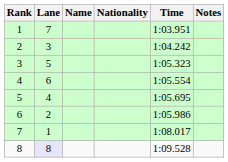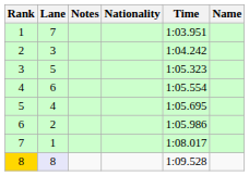 <table class="wikitable sortable" style="text-align:center">
 <tr>
 <th>Rank</th>
 <th>Lane</th>
-<th>Name</th>
+<th>Notes</th>
 <th>Nationality</th>
 <th>Time</th>
-<th>Notes</th>
+<th>Name</th>
 </tr>
 <tr bgcolor=ccffcc>
 <td>1</td>
 <td>7</td>
-<td align=left></td>
+<td><strong></strong></td>
 <td align=left></td>
 <td>1:03.951</td>
-<td><strong></strong></td>
+<td align=left></td>
 </tr>
 <tr bgcolor=ccffcc>
 <td>2</td>
 <td>3</td>
-<td align=left></td>
+<td><strong></strong></td>
 <td align=left></td>
 <td>1:04.242</td>
-<td><strong></strong></td>
+<td align=left></td>
 </tr>
 <tr bgcolor=ccffcc>
 <td>3</td>
 <td>5</td>
-<td align=left></td>
+<td><strong></strong></td>
 <td align=left></td>
 <td>1:05.323</td>
-<td><strong></strong></td>
+<td align=left></td>
 </tr>
 <tr bgcolor=ccffcc>
 <td>4</td>
 <td>6</td>
-<td align=left></td>
+<td><strong></strong></td>
 <td align=left></td>
 <td>1:05.554</td>
-<td><strong></strong></td>
+<td align=left></td>
 </tr>
 <tr bgcolor=ccffcc>
 <td>5</td>
 <td>4</td>
-<td align=left></td>
+<td><strong></strong></td>
 <td align=left></td>
 <td>1:05.695</td>
-<td><strong></strong></td>
+<td align=left></td>
 </tr>
 <tr bgcolor=ccffcc>
 <td>6</td>
 <td>2</td>
-<td align=left></td>
+<td><strong></strong></td>
 <td align=left></td>
 <td>1:05.986</td>
-<td><strong></strong></td>
+<td align=left></td>
 </tr>
 <tr bgcolor=ccffcc>
 <td>7</td>
 <td>1</td>
-<td align=left></td>
+<td><strong></strong></td>
 <td align=left></td>
 <td>1:08.017</td>
-<td><strong></strong></td>
+<td align=left></td>
 </tr>
 <tr>
-<td>8</td>
+<td style="background: gold;">8</td>
 <td style="background: lavender;">8</td>
-<td align=left></td>
+<td></td>
 <td align=left></td>
 <td>1:09.528</td>
-<td></td>
+<td align=left></td>
 </tr>
 </table>
